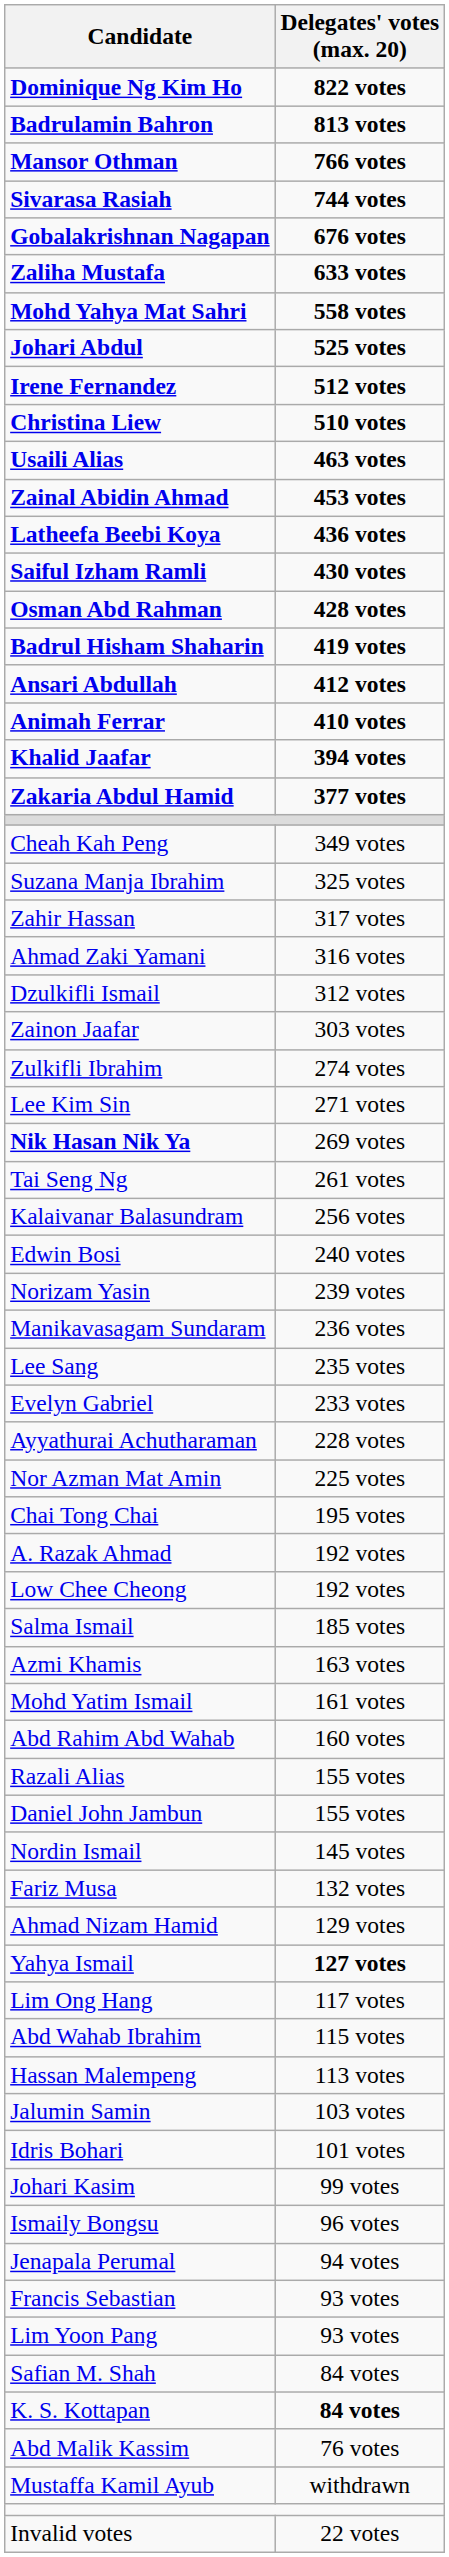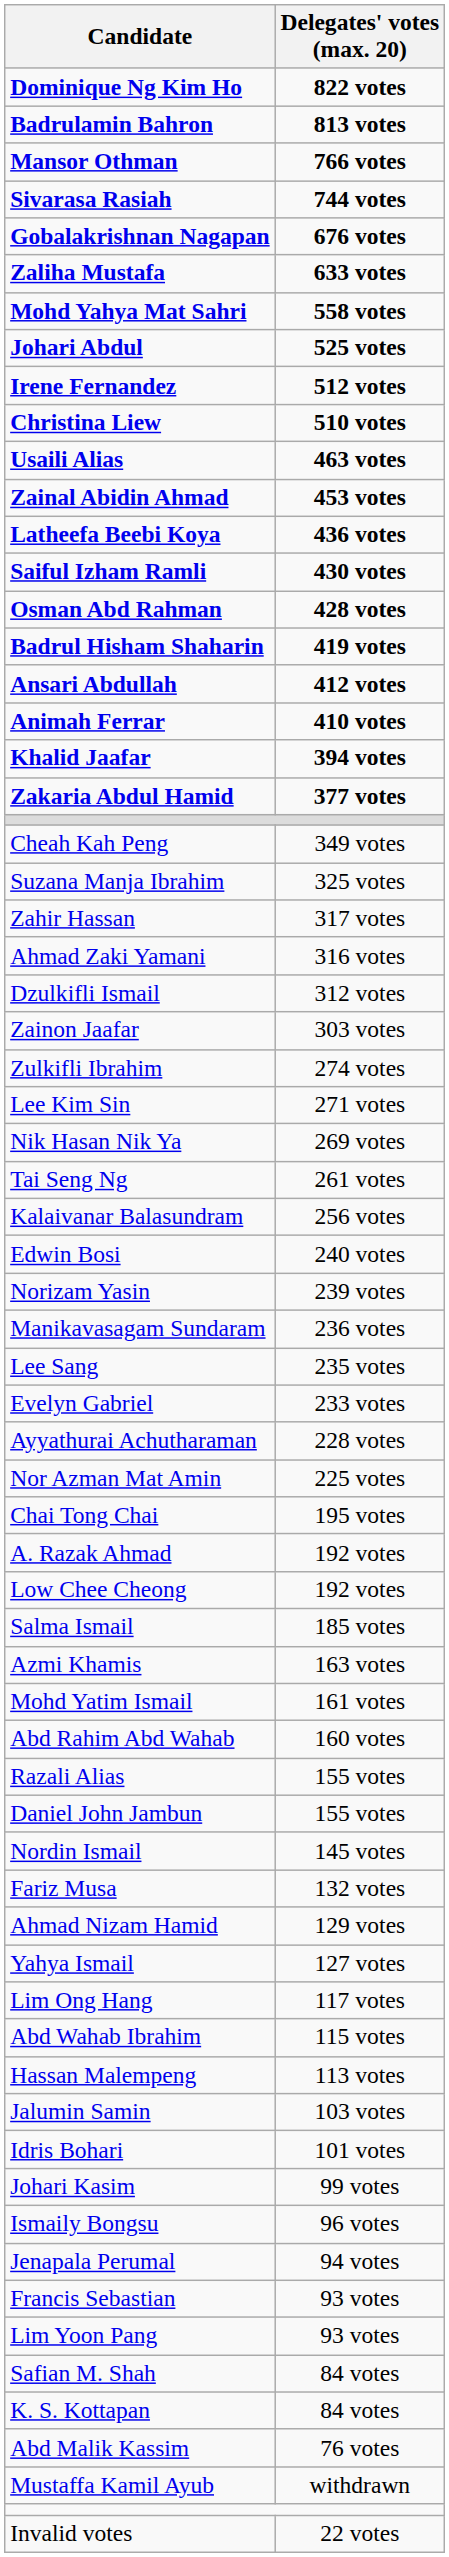 <table class=wikitable style=text-align:center>
 <tr>
 <th>Candidate</th>
 <th>Delegates' votes<br>(max. 20)</th>
 </tr>
 <tr>
 <td align=left><strong><a href='#'>Dominique Ng Kim Ho</a></strong></td>
 <td><strong>822 votes</strong></td>
 </tr>
 <tr>
 <td align=left><strong><a href='#'>Badrulamin Bahron</a></strong></td>
 <td><strong>813 votes</strong></td>
 </tr>
 <tr>
 <td align=left><strong><a href='#'>Mansor Othman</a></strong></td>
 <td><strong>766 votes</strong></td>
 </tr>
 <tr>
 <td align=left><strong><a href='#'>Sivarasa Rasiah</a></strong></td>
 <td><strong>744 votes</strong></td>
 </tr>
 <tr>
 <td align=left><strong><a href='#'>Gobalakrishnan Nagapan</a></strong></td>
 <td><strong>676 votes</strong></td>
 </tr>
 <tr>
 <td align=left><strong><a href='#'>Zaliha Mustafa</a></strong></td>
 <td><strong>633 votes</strong></td>
 </tr>
 <tr>
 <td align=left><strong><a href='#'>Mohd Yahya Mat Sahri</a></strong></td>
 <td><strong>558 votes</strong></td>
 </tr>
 <tr>
 <td align=left><strong><a href='#'>Johari Abdul</a></strong></td>
 <td><strong>525 votes</strong></td>
 </tr>
 <tr>
 <td align=left><strong><a href='#'>Irene Fernandez</a></strong></td>
 <td><strong>512 votes</strong></td>
 </tr>
 <tr>
 <td align=left><strong><a href='#'>Christina Liew</a></strong></td>
 <td><strong>510 votes</strong></td>
 </tr>
 <tr>
 <td align=left><strong><a href='#'>Usaili Alias</a></strong></td>
 <td><strong>463 votes</strong></td>
 </tr>
 <tr>
 <td align=left><strong><a href='#'>Zainal Abidin Ahmad</a></strong></td>
 <td><strong>453 votes</strong></td>
 </tr>
 <tr>
 <td align=left><strong><a href='#'>Latheefa Beebi Koya</a></strong></td>
 <td><strong>436 votes</strong></td>
 </tr>
 <tr>
 <td align=left><strong><a href='#'>Saiful Izham Ramli</a></strong></td>
 <td><strong>430 votes</strong></td>
 </tr>
 <tr>
 <td align=left><strong><a href='#'>Osman Abd Rahman</a></strong></td>
 <td><strong>428 votes</strong></td>
 </tr>
 <tr>
 <td align=left><strong><a href='#'>Badrul Hisham Shaharin</a></strong></td>
 <td><strong>419 votes</strong></td>
 </tr>
 <tr>
 <td align=left><strong><a href='#'>Ansari Abdullah</a></strong></td>
 <td><strong>412 votes</strong></td>
 </tr>
 <tr>
 <td align=left><strong><a href='#'>Animah Ferrar</a></strong></td>
 <td><strong>410 votes</strong></td>
 </tr>
 <tr>
 <td align=left><strong><a href='#'>Khalid Jaafar</a></strong></td>
 <td><strong>394 votes</strong></td>
 </tr>
 <tr>
 <td align=left><strong><a href='#'>Zakaria Abdul Hamid</a></strong></td>
 <td><strong>377 votes</strong></td>
 </tr>
 <tr>
 <td colspan=3 bgcolor=dcdcdc></td>
 </tr>
 <tr>
 <td align=left><a href='#'>Cheah Kah Peng</a></td>
 <td>349 votes</td>
 </tr>
 <tr>
 <td align=left><a href='#'>Suzana Manja Ibrahim</a></td>
 <td>325 votes</td>
 </tr>
 <tr>
 <td align=left><a href='#'>Zahir Hassan</a></td>
 <td>317 votes</td>
 </tr>
 <tr>
 <td align=left><a href='#'>Ahmad Zaki Yamani</a></td>
 <td>316 votes</td>
 </tr>
 <tr>
 <td align=left><a href='#'>Dzulkifli Ismail</a></td>
 <td>312 votes</td>
 </tr>
 <tr>
 <td align=left><a href='#'>Zainon Jaafar</a></td>
 <td>303 votes</td>
 </tr>
 <tr>
 <td align=left><a href='#'>Zulkifli Ibrahim</a></td>
 <td>274 votes</td>
 </tr>
 <tr>
 <td align=left><a href='#'>Lee Kim Sin</a></td>
 <td>271 votes</td>
 </tr>
 <tr>
-<td align=left><strong><a href='#'>Nik Hasan Nik Ya</a></strong></td>
+<td align=left><a href='#'>Nik Hasan Nik Ya</a></td>
 <td>269 votes</td>
 </tr>
 <tr>
 <td align=left><a href='#'>Tai Seng Ng</a></td>
 <td>261 votes</td>
 </tr>
 <tr>
 <td align=left><a href='#'>Kalaivanar Balasundram</a></td>
 <td>256 votes</td>
 </tr>
 <tr>
 <td align=left><a href='#'>Edwin Bosi</a></td>
 <td>240 votes</td>
 </tr>
 <tr>
 <td align=left><a href='#'>Norizam Yasin</a></td>
 <td>239 votes</td>
 </tr>
 <tr>
 <td align=left><a href='#'>Manikavasagam Sundaram</a></td>
 <td>236 votes</td>
 </tr>
 <tr>
 <td align=left><a href='#'>Lee Sang</a></td>
 <td>235 votes</td>
 </tr>
 <tr>
 <td align=left><a href='#'>Evelyn Gabriel</a></td>
 <td>233 votes</td>
 </tr>
 <tr>
 <td align=left><a href='#'>Ayyathurai Achutharaman</a></td>
 <td>228 votes</td>
 </tr>
 <tr>
 <td align=left><a href='#'>Nor Azman Mat Amin</a></td>
 <td>225 votes</td>
 </tr>
 <tr>
 <td align=left><a href='#'>Chai Tong Chai</a></td>
 <td>195 votes</td>
 </tr>
 <tr>
 <td align=left><a href='#'>A. Razak Ahmad</a></td>
 <td>192 votes</td>
 </tr>
 <tr>
 <td align=left><a href='#'>Low Chee Cheong</a></td>
 <td>192 votes</td>
 </tr>
 <tr>
 <td align=left><a href='#'>Salma Ismail</a></td>
 <td>185 votes</td>
 </tr>
 <tr>
 <td align=left><a href='#'>Azmi Khamis</a></td>
 <td>163 votes</td>
 </tr>
 <tr>
 <td align=left><a href='#'>Mohd Yatim Ismail</a></td>
 <td>161 votes</td>
 </tr>
 <tr>
 <td align=left><a href='#'>Abd Rahim Abd Wahab</a></td>
 <td>160 votes</td>
 </tr>
 <tr>
 <td align=left><a href='#'>Razali Alias</a></td>
 <td>155 votes</td>
 </tr>
 <tr>
 <td align=left><a href='#'>Daniel John Jambun</a></td>
 <td>155 votes</td>
 </tr>
 <tr>
 <td align=left><a href='#'>Nordin Ismail</a></td>
 <td>145 votes</td>
 </tr>
 <tr>
 <td align=left><a href='#'>Fariz Musa</a></td>
 <td>132 votes</td>
 </tr>
 <tr>
 <td align=left><a href='#'>Ahmad Nizam Hamid</a></td>
 <td>129 votes</td>
 </tr>
 <tr>
 <td align=left><a href='#'>Yahya Ismail</a></td>
-<td><strong>127 votes</strong></td>
+<td>127 votes</td>
 </tr>
 <tr>
 <td align=left><a href='#'>Lim Ong Hang</a></td>
 <td>117 votes</td>
 </tr>
 <tr>
 <td align=left><a href='#'>Abd Wahab Ibrahim</a></td>
 <td>115 votes</td>
 </tr>
 <tr>
 <td align=left><a href='#'>Hassan Malempeng</a></td>
 <td>113 votes</td>
 </tr>
 <tr>
 <td align=left><a href='#'>Jalumin Samin</a></td>
 <td>103 votes</td>
 </tr>
 <tr>
 <td align=left><a href='#'>Idris Bohari</a></td>
 <td>101 votes</td>
 </tr>
 <tr>
 <td align=left><a href='#'>Johari Kasim</a></td>
 <td>99 votes</td>
 </tr>
 <tr>
 <td align=left><a href='#'>Ismaily Bongsu</a></td>
 <td>96 votes</td>
 </tr>
 <tr>
 <td align=left><a href='#'>Jenapala Perumal</a></td>
 <td>94 votes</td>
 </tr>
 <tr>
 <td align=left><a href='#'>Francis Sebastian</a></td>
 <td>93 votes</td>
 </tr>
 <tr>
 <td align=left><a href='#'>Lim Yoon Pang</a></td>
 <td>93 votes</td>
 </tr>
 <tr>
 <td align=left><a href='#'>Safian M. Shah</a></td>
 <td>84 votes</td>
 </tr>
 <tr>
 <td align=left><a href='#'>K. S. Kottapan</a></td>
-<td><strong>84 votes</strong></td>
+<td>84 votes</td>
 </tr>
 <tr>
 <td align=left><a href='#'>Abd Malik Kassim</a></td>
 <td>76 votes</td>
 </tr>
 <tr>
 <td align=left><a href='#'>Mustaffa Kamil Ayub</a></td>
 <td>withdrawn</td>
 </tr>
 <tr>
 <td colspan=3></td>
 </tr>
 <tr>
 <td align=left>Invalid votes</td>
 <td>22 votes</td>
 </tr>
 </table>
